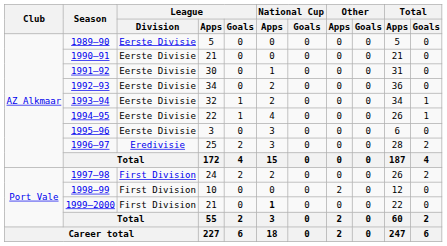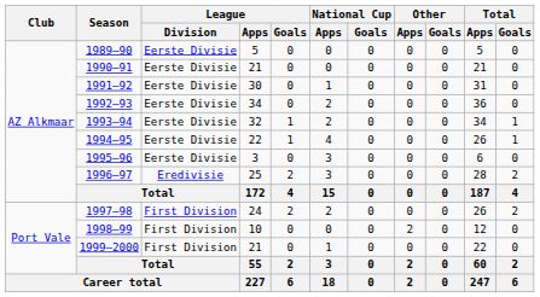 <table class="wikitable" style="text-align:center">
 <tr>
 <th rowspan="2">Club</th>
 <th rowspan="2">Season</th>
 <th colspan="3">League</th>
 <th colspan="2">National Cup</th>
 <th colspan="2">Other</th>
 <th colspan="2">Total</th>
 </tr>
 <tr>
 <th>Division</th>
 <th>Apps</th>
 <th>Goals</th>
 <th>Apps</th>
 <th>Goals</th>
 <th>Apps</th>
 <th>Goals</th>
 <th>Apps</th>
 <th>Goals</th>
 </tr>
 <tr>
 <td rowspan="9"><a href='#'>AZ Alkmaar</a></td>
 <td><a href='#'>1989–90</a></td>
 <td><a href='#'>Eerste Divisie</a></td>
 <td>5</td>
 <td>0</td>
 <td>0</td>
 <td>0</td>
 <td>0</td>
 <td>0</td>
 <td>5</td>
 <td>0</td>
 </tr>
 <tr>
 <td><a href='#'>1990–91</a></td>
 <td>Eerste Divisie</td>
 <td>21</td>
 <td>0</td>
 <td>0</td>
 <td>0</td>
 <td>0</td>
 <td>0</td>
 <td>21</td>
 <td>0</td>
 </tr>
 <tr>
 <td><a href='#'>1991–92</a></td>
 <td>Eerste Divisie</td>
 <td>30</td>
 <td>0</td>
 <td>1</td>
 <td>0</td>
 <td>0</td>
 <td>0</td>
 <td>31</td>
 <td>0</td>
 </tr>
 <tr>
 <td><a href='#'>1992–93</a></td>
 <td>Eerste Divisie</td>
 <td>34</td>
 <td>0</td>
 <td>2</td>
 <td>0</td>
 <td>0</td>
 <td>0</td>
 <td>36</td>
 <td>0</td>
 </tr>
 <tr>
 <td><a href='#'>1993–94</a></td>
 <td>Eerste Divisie</td>
 <td>32</td>
 <td>1</td>
 <td>2</td>
 <td>0</td>
 <td>0</td>
 <td>0</td>
 <td>34</td>
 <td>1</td>
 </tr>
 <tr>
 <td><a href='#'>1994–95</a></td>
 <td>Eerste Divisie</td>
 <td>22</td>
 <td>1</td>
 <td>4</td>
 <td>0</td>
 <td>0</td>
 <td>0</td>
 <td>26</td>
 <td>1</td>
 </tr>
 <tr>
 <td><a href='#'>1995–96</a></td>
 <td>Eerste Divisie</td>
 <td>3</td>
 <td>0</td>
 <td>3</td>
 <td>0</td>
 <td>0</td>
 <td>0</td>
 <td>6</td>
 <td>0</td>
 </tr>
 <tr>
 <td><a href='#'>1996–97</a></td>
 <td><a href='#'>Eredivisie</a></td>
 <td>25</td>
 <td>2</td>
 <td>3</td>
 <td>0</td>
 <td>0</td>
 <td>0</td>
 <td>28</td>
 <td>2</td>
 </tr>
 <tr>
 <th colspan="2">Total</th>
 <th>172</th>
 <th>4</th>
 <th>15</th>
 <th>0</th>
 <th>0</th>
 <th>0</th>
 <th>187</th>
 <th>4</th>
 </tr>
 <tr>
 <td rowspan="4"><a href='#'>Port Vale</a></td>
 <td><a href='#'>1997–98</a></td>
 <td><a href='#'>First Division</a></td>
 <td>24</td>
 <td>2</td>
 <td>2</td>
 <td>0</td>
 <td>0</td>
 <td>0</td>
 <td>26</td>
 <td>2</td>
 </tr>
 <tr>
 <td><a href='#'>1998–99</a></td>
 <td>First Division</td>
 <td>10</td>
 <td>0</td>
 <td>0</td>
 <td>0</td>
 <td>2</td>
 <td>0</td>
 <td>12</td>
 <td>0</td>
 </tr>
 <tr>
 <td><a href='#'>1999–2000</a></td>
 <td>First Division</td>
 <td>21</td>
 <td>0</td>
-<td><strong>1</strong></td>
+<td>1</td>
 <td>0</td>
 <td>0</td>
 <td>0</td>
 <td>22</td>
 <td>0</td>
 </tr>
 <tr>
 <th colspan="2">Total</th>
 <th>55</th>
 <th>2</th>
 <th>3</th>
 <th>0</th>
 <th>2</th>
 <th>0</th>
 <th>60</th>
 <th>2</th>
 </tr>
 <tr>
 <th colspan="3">Career total</th>
 <th>227</th>
 <th>6</th>
 <th>18</th>
 <th>0</th>
 <th>2</th>
 <th>0</th>
 <th>247</th>
 <th>6</th>
 </tr>
 </table>
